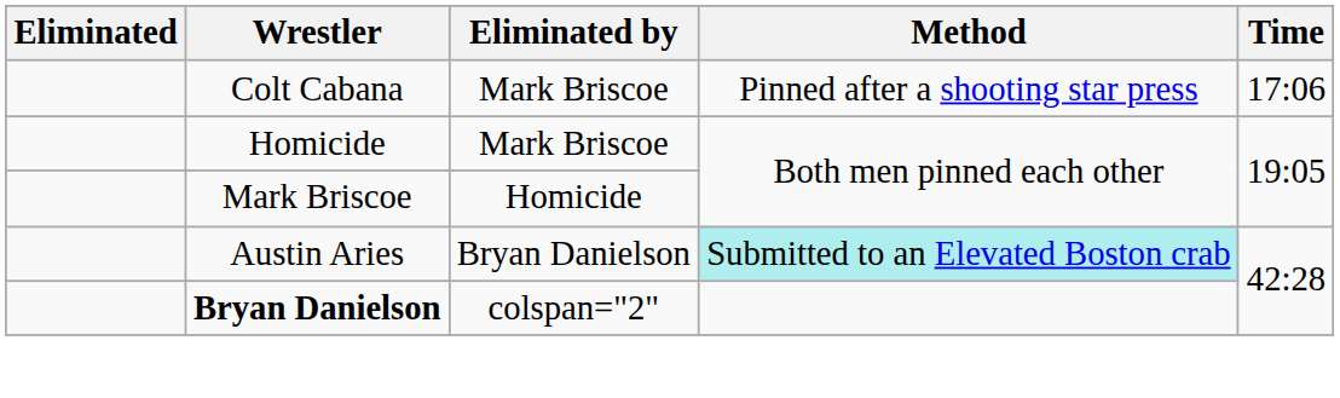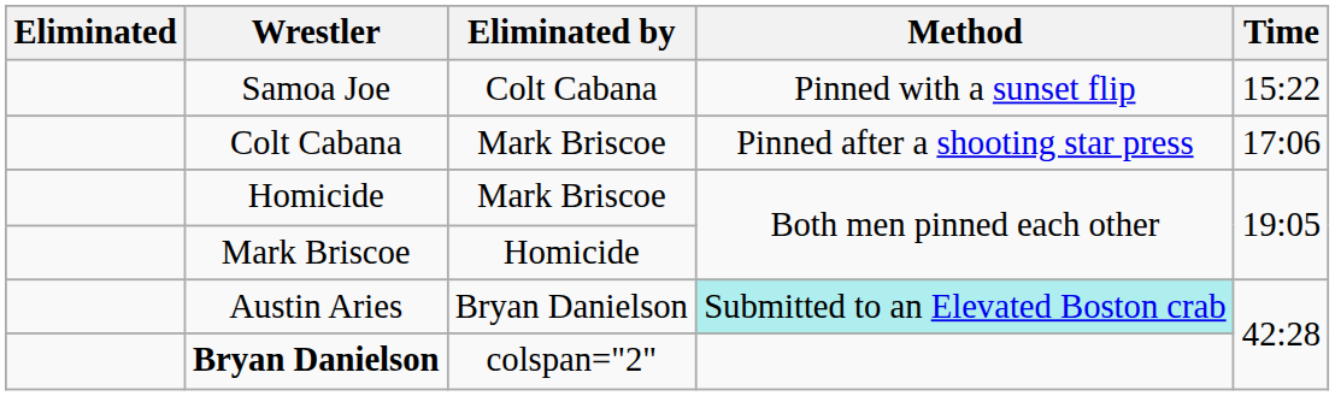 <table class="wikitable sortable" style="text-align:center;">
 <tr>
 <th>Eliminated</th>
 <th>Wrestler</th>
 <th>Eliminated by</th>
 <th>Method</th>
 <th>Time</th>
+</tr>
+<tr>
+<td></td>
+<td>Samoa Joe</td>
+<td>Colt Cabana</td>
+<td>Pinned with a <a href='#'>sunset flip</a></td>
+<td>15:22</td>
 </tr>
 <tr>
 <td></td>
 <td>Colt Cabana</td>
 <td>Mark Briscoe</td>
 <td>Pinned after a <a href='#'>shooting star press</a></td>
 <td>17:06</td>
 </tr>
 <tr>
 <td></td>
 <td>Homicide</td>
 <td>Mark Briscoe</td>
 <td rowspan=2>Both men pinned each other</td>
 <td rowspan=2>19:05</td>
 </tr>
 <tr>
 <td></td>
 <td>Mark Briscoe</td>
 <td>Homicide</td>
 </tr>
 <tr>
 <td></td>
 <td>Austin Aries</td>
 <td>Bryan Danielson</td>
 <td style="background: paleturquoise;">Submitted to an <a href='#'>Elevated Boston crab</a></td>
 <td rowspan=2>42:28</td>
 </tr>
 <tr>
 <td></td>
 <td><strong>Bryan Danielson</strong></td>
 <td>colspan="2" </td>
 </tr>
 </table>
